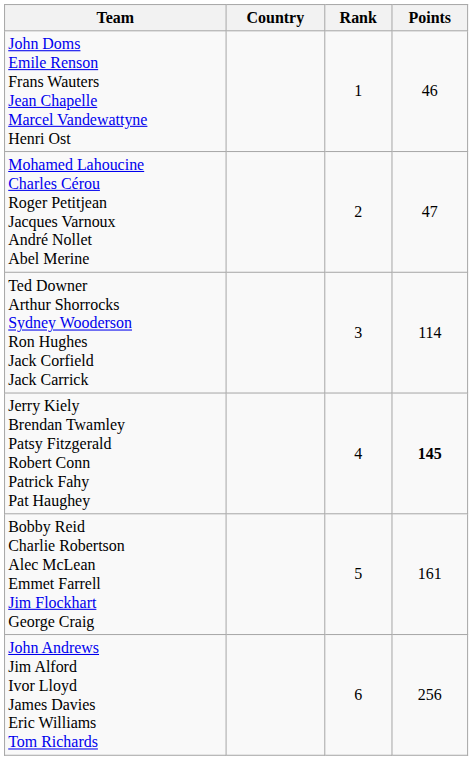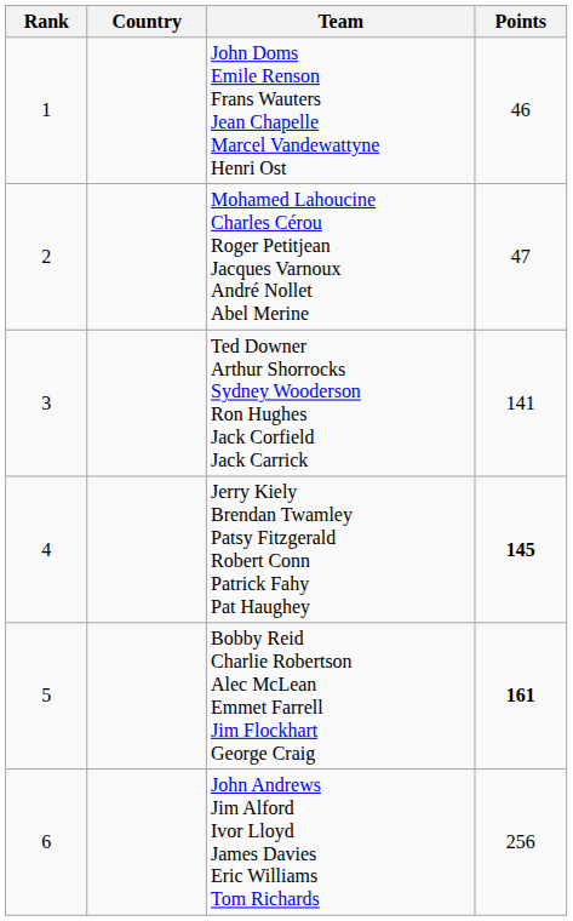 <table class="wikitable sortable" style=" text-align:center; font-size:95%;" width="50%">
 <tr>
+<th>Rank</th>
+<th>Country</th>
 <th>Team</th>
-<th>Country</th>
-<th>Rank</th>
 <th>Points</th>
 </tr>
 <tr>
+<td align=center>1</td>
+<td align=left></td>
 <td align=left><a href='#'>John Doms</a><br><a href='#'>Emile Renson</a><br>Frans Wauters<br><a href='#'>Jean Chapelle</a><br><a href='#'>Marcel Vandewattyne</a><br>Henri Ost</td>
-<td align=left></td>
-<td align=center>1</td>
 <td>46</td>
 </tr>
 <tr>
+<td align=center>2</td>
+<td align=left></td>
 <td align=left><a href='#'>Mohamed Lahoucine</a><br><a href='#'>Charles Cérou</a><br>Roger Petitjean<br>Jacques Varnoux<br>André Nollet<br>Abel Merine</td>
-<td align=left></td>
-<td align=center>2</td>
 <td>47</td>
 </tr>
 <tr>
+<td align=center>3</td>
+<td align=left></td>
 <td align=left>Ted Downer<br>Arthur Shorrocks<br><a href='#'>Sydney Wooderson</a><br>Ron Hughes<br>Jack Corfield<br>Jack Carrick</td>
-<td align=left></td>
-<td align=center>3</td>
-<td>114</td>
+<td>141</td>
 </tr>
 <tr>
+<td align=center>4</td>
+<td align=left></td>
 <td align=left>Jerry Kiely<br>Brendan Twamley<br>Patsy Fitzgerald<br>Robert Conn<br>Patrick Fahy<br>Pat Haughey</td>
-<td align=left></td>
-<td align=center>4</td>
 <td><strong>145</strong></td>
 </tr>
 <tr>
+<td align=center>5</td>
+<td align=left></td>
 <td align=left>Bobby Reid<br>Charlie Robertson<br>Alec McLean<br>Emmet Farrell<br><a href='#'>Jim Flockhart</a><br>George Craig</td>
-<td align=left></td>
-<td align=center>5</td>
-<td>161</td>
+<td><strong>161</strong></td>
 </tr>
 <tr>
+<td align=center>6</td>
+<td align=left></td>
 <td align=left><a href='#'>John Andrews</a><br>Jim Alford<br>Ivor Lloyd<br>James Davies<br>Eric Williams<br><a href='#'>Tom Richards</a></td>
-<td align=left></td>
-<td align=center>6</td>
 <td>256</td>
 </tr>
 </table>
